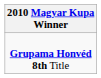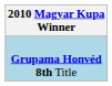 <table class=wikitable style="text-align:center; margin:auto">
 <tr>
 <th>2010 <a href='#'>Magyar Kupa</a><br>Winner</th>
 </tr>
 <tr>
-<td align=center><br><strong><a href='#'>Grupama Honvéd</a></strong><br><strong>8th</strong> Title</td>
+<td align=center style="background: lightblue;"><br><strong><a href='#'>Grupama Honvéd</a></strong><br><strong>8th</strong> Title</td>
 </tr>
 </table>
